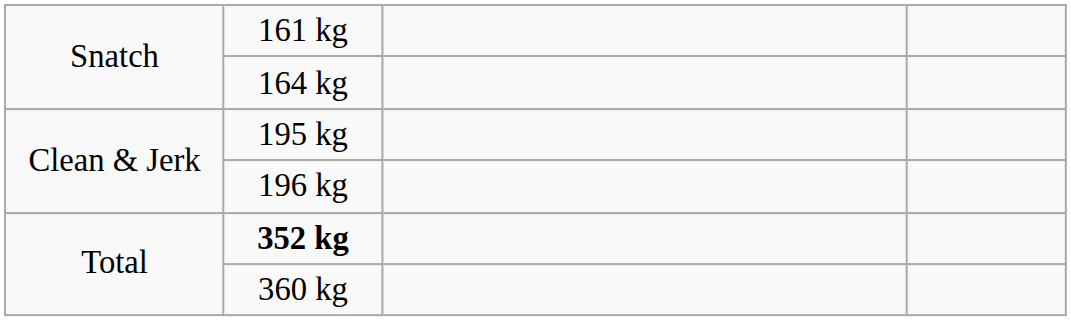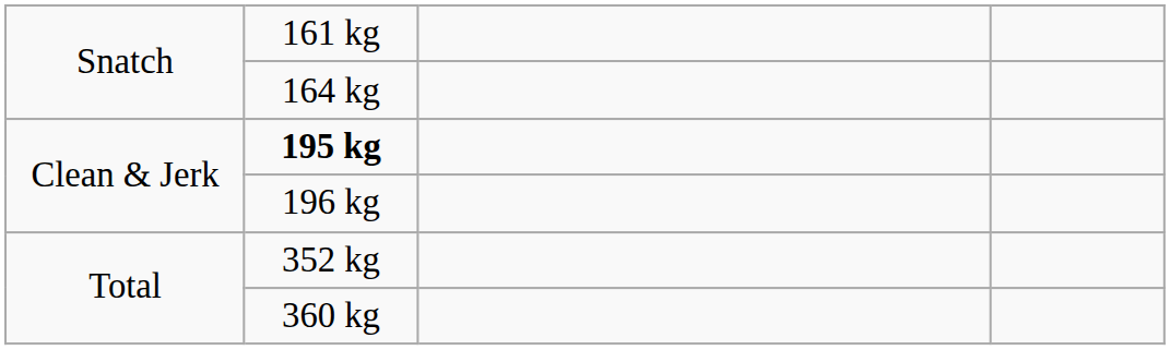 <table class = "wikitable" style="text-align:center;">
 <tr>
 <td width=100 rowspan=2>Snatch</td>
 <td width=70>161 kg</td>
 <td width=250 align=left></td>
 <td width=70></td>
 </tr>
 <tr>
 <td>164 kg</td>
 <td align=left></td>
 <td></td>
 </tr>
 <tr>
 <td rowspan=2>Clean & Jerk</td>
-<td>195 kg</td>
+<td><strong>195 kg</strong></td>
 <td align=left></td>
 <td></td>
 </tr>
 <tr>
 <td>196 kg</td>
 <td align=left></td>
 <td></td>
 </tr>
 <tr>
 <td rowspan=2>Total</td>
-<td><strong>352 kg</strong></td>
+<td>352 kg</td>
 <td align=left></td>
 <td></td>
 </tr>
 <tr>
 <td>360 kg</td>
 <td align=left></td>
 <td></td>
 </tr>
 </table>
